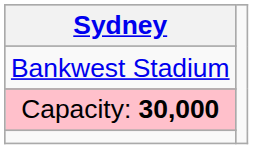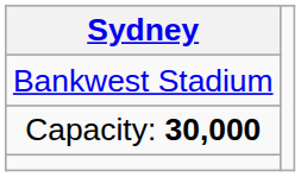 <table class="wikitable" style="text-align:center">
 <tr>
 <th><a href='#'>Sydney</a></th>
 <td rowspan="6"></td>
 </tr>
 <tr>
 <td><a href='#'>Bankwest Stadium</a></td>
 </tr>
 <tr>
-<td style="background: pink;">Capacity: <strong>30,000</strong></td>
+<td>Capacity: <strong>30,000</strong></td>
 </tr>
 <tr>
 <td></td>
 </tr>
 </table>
